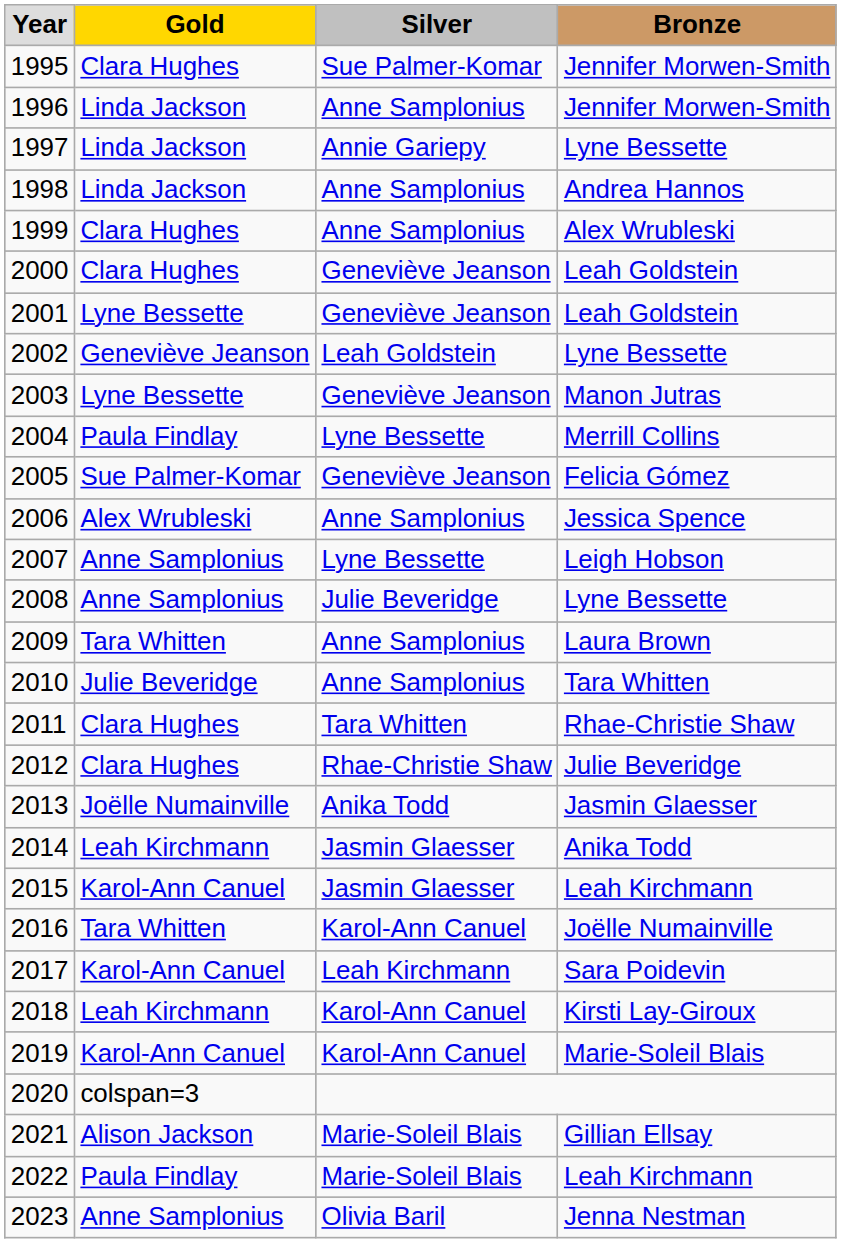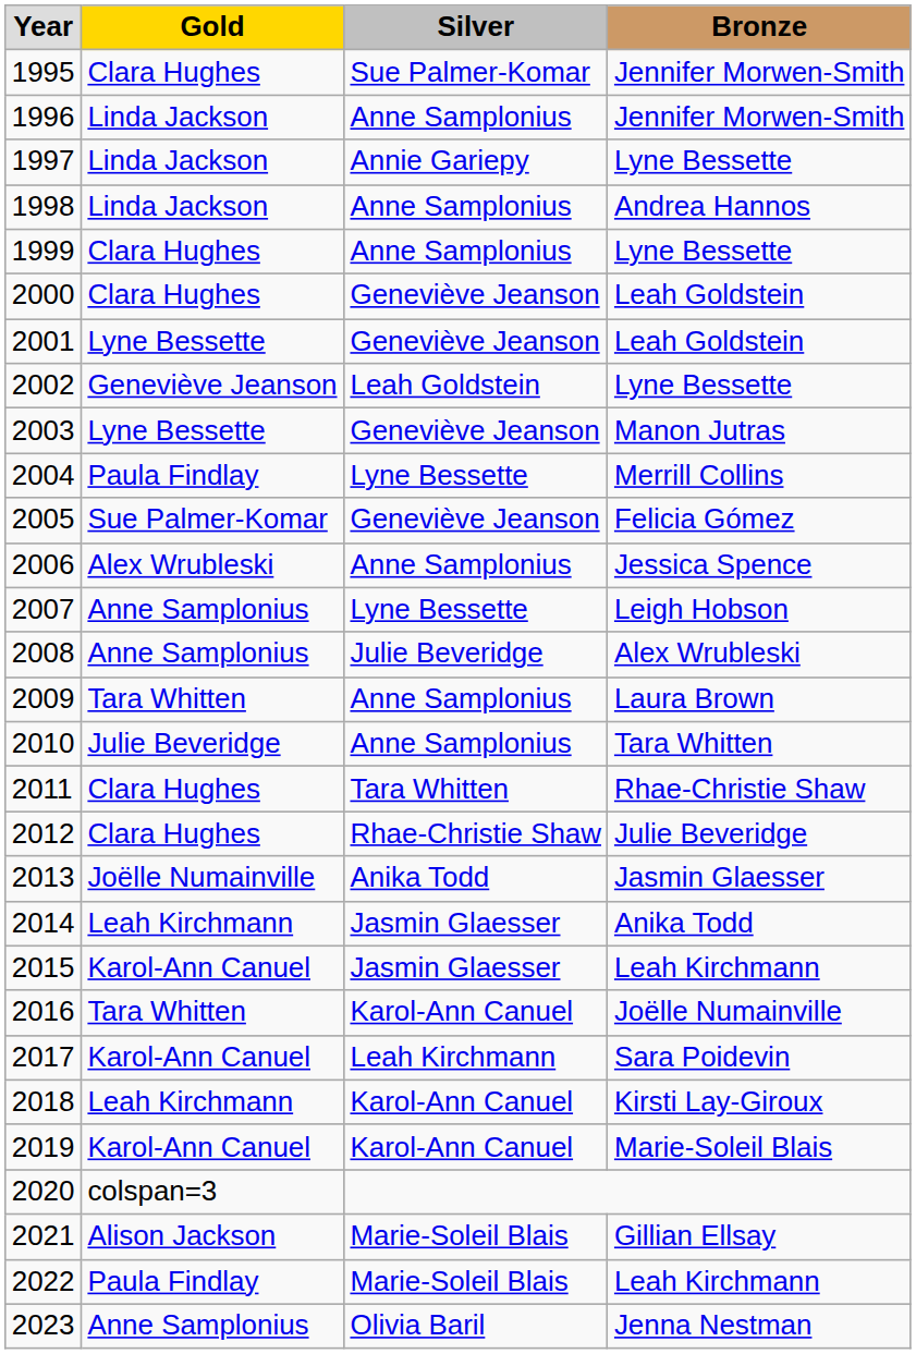 <table class="wikitable" style="text-align:left;">
 <tr>
 <td style="background:#DDDDDD; font-weight:bold; text-align:center;">Year</td>
 <td style="background:gold; font-weight:bold; text-align:center;">Gold</td>
 <td style="background:silver; font-weight:bold; text-align:center;">Silver</td>
 <td style="background:#cc9966; font-weight:bold; text-align:center;">Bronze</td>
 </tr>
 <tr>
 <td>1995</td>
 <td><a href='#'>Clara Hughes</a></td>
 <td><a href='#'>Sue Palmer-Komar</a></td>
 <td><a href='#'>Jennifer Morwen-Smith</a></td>
 </tr>
 <tr>
 <td>1996</td>
 <td><a href='#'>Linda Jackson</a></td>
 <td><a href='#'>Anne Samplonius</a></td>
 <td><a href='#'>Jennifer Morwen-Smith</a></td>
 </tr>
 <tr>
 <td>1997</td>
 <td><a href='#'>Linda Jackson</a></td>
 <td><a href='#'>Annie Gariepy</a></td>
 <td><a href='#'>Lyne Bessette</a></td>
 </tr>
 <tr>
 <td>1998</td>
 <td><a href='#'>Linda Jackson</a></td>
 <td><a href='#'>Anne Samplonius</a></td>
 <td><a href='#'>Andrea Hannos</a></td>
 </tr>
 <tr>
 <td>1999</td>
 <td><a href='#'>Clara Hughes</a></td>
 <td><a href='#'>Anne Samplonius</a></td>
-<td><a href='#'>Alex Wrubleski</a></td>
+<td><a href='#'>Lyne Bessette</a></td>
 </tr>
 <tr>
 <td>2000</td>
 <td><a href='#'>Clara Hughes</a></td>
 <td><a href='#'>Geneviève Jeanson</a></td>
 <td><a href='#'>Leah Goldstein</a></td>
 </tr>
 <tr>
 <td>2001</td>
 <td><a href='#'>Lyne Bessette</a></td>
 <td><a href='#'>Geneviève Jeanson</a></td>
 <td><a href='#'>Leah Goldstein</a></td>
 </tr>
 <tr>
 <td>2002</td>
 <td><a href='#'>Geneviève Jeanson</a></td>
 <td><a href='#'>Leah Goldstein</a></td>
 <td><a href='#'>Lyne Bessette</a></td>
 </tr>
 <tr>
 <td>2003</td>
 <td><a href='#'>Lyne Bessette</a></td>
 <td><a href='#'>Geneviève Jeanson</a></td>
 <td><a href='#'>Manon Jutras</a></td>
 </tr>
 <tr>
 <td>2004</td>
 <td><a href='#'>Paula Findlay</a></td>
 <td><a href='#'>Lyne Bessette</a></td>
 <td><a href='#'>Merrill Collins</a></td>
 </tr>
 <tr>
 <td>2005</td>
 <td><a href='#'>Sue Palmer-Komar</a></td>
 <td><a href='#'>Geneviève Jeanson</a></td>
 <td><a href='#'>Felicia Gómez</a></td>
 </tr>
 <tr>
 <td>2006</td>
 <td><a href='#'>Alex Wrubleski</a></td>
 <td><a href='#'>Anne Samplonius</a></td>
 <td><a href='#'>Jessica Spence</a></td>
 </tr>
 <tr>
 <td>2007</td>
 <td><a href='#'>Anne Samplonius</a></td>
 <td><a href='#'>Lyne Bessette</a></td>
 <td><a href='#'>Leigh Hobson</a></td>
 </tr>
 <tr>
 <td>2008</td>
 <td><a href='#'>Anne Samplonius</a></td>
 <td><a href='#'>Julie Beveridge</a></td>
-<td><a href='#'>Lyne Bessette</a></td>
+<td><a href='#'>Alex Wrubleski</a></td>
 </tr>
 <tr>
 <td>2009</td>
 <td><a href='#'>Tara Whitten</a></td>
 <td><a href='#'>Anne Samplonius</a></td>
 <td><a href='#'>Laura Brown</a></td>
 </tr>
 <tr>
 <td>2010</td>
 <td><a href='#'>Julie Beveridge</a></td>
 <td><a href='#'>Anne Samplonius</a></td>
 <td><a href='#'>Tara Whitten</a></td>
 </tr>
 <tr>
 <td>2011</td>
 <td><a href='#'>Clara Hughes</a></td>
 <td><a href='#'>Tara Whitten</a></td>
 <td><a href='#'>Rhae-Christie Shaw</a></td>
 </tr>
 <tr>
 <td>2012</td>
 <td><a href='#'>Clara Hughes</a></td>
 <td><a href='#'>Rhae-Christie Shaw</a></td>
 <td><a href='#'>Julie Beveridge</a></td>
 </tr>
 <tr>
 <td>2013</td>
 <td><a href='#'>Joëlle Numainville</a></td>
 <td><a href='#'>Anika Todd</a></td>
 <td><a href='#'>Jasmin Glaesser</a></td>
 </tr>
 <tr>
 <td>2014</td>
 <td><a href='#'>Leah Kirchmann</a></td>
 <td><a href='#'>Jasmin Glaesser</a></td>
 <td><a href='#'>Anika Todd</a></td>
 </tr>
 <tr>
 <td>2015</td>
 <td><a href='#'>Karol-Ann Canuel</a></td>
 <td><a href='#'>Jasmin Glaesser</a></td>
 <td><a href='#'>Leah Kirchmann</a></td>
 </tr>
 <tr>
 <td>2016</td>
 <td><a href='#'>Tara Whitten</a></td>
 <td><a href='#'>Karol-Ann Canuel</a></td>
 <td><a href='#'>Joëlle Numainville</a></td>
 </tr>
 <tr>
 <td>2017</td>
 <td><a href='#'>Karol-Ann Canuel</a></td>
 <td><a href='#'>Leah Kirchmann</a></td>
 <td><a href='#'>Sara Poidevin</a></td>
 </tr>
 <tr>
 <td>2018</td>
 <td><a href='#'>Leah Kirchmann</a></td>
 <td><a href='#'>Karol-Ann Canuel</a></td>
 <td><a href='#'>Kirsti Lay-Giroux</a></td>
 </tr>
 <tr>
 <td>2019</td>
 <td><a href='#'>Karol-Ann Canuel</a></td>
 <td><a href='#'>Karol-Ann Canuel</a></td>
 <td><a href='#'>Marie-Soleil Blais</a></td>
 </tr>
 <tr>
 <td>2020</td>
 <td>colspan=3 </td>
 </tr>
 <tr>
 <td>2021</td>
 <td><a href='#'>Alison Jackson</a></td>
 <td><a href='#'>Marie-Soleil Blais</a></td>
 <td><a href='#'>Gillian Ellsay</a></td>
 </tr>
 <tr>
 <td>2022</td>
 <td><a href='#'>Paula Findlay</a></td>
 <td><a href='#'>Marie-Soleil Blais</a></td>
 <td><a href='#'>Leah Kirchmann</a></td>
 </tr>
 <tr>
 <td>2023</td>
 <td><a href='#'>Anne Samplonius</a></td>
 <td><a href='#'>Olivia Baril</a></td>
 <td><a href='#'>Jenna Nestman</a></td>
 </tr>
 </table>
